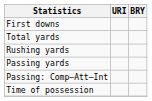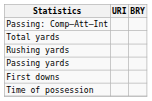 <table class="wikitable" style="float: left;">
 <tr>
 <th>Statistics</th>
 <th>URI</th>
 <th>BRY</th>
 </tr>
 <tr>
-<td>First downs</td>
+<td>Passing: Comp–Att–Int</td>
 <td></td>
 <td></td>
 </tr>
 <tr>
 <td>Total yards</td>
 <td></td>
 <td></td>
 </tr>
 <tr>
 <td>Rushing yards</td>
 <td></td>
 <td></td>
 </tr>
 <tr>
 <td>Passing yards</td>
 <td></td>
 <td></td>
 </tr>
 <tr>
-<td>Passing: Comp–Att–Int</td>
+<td>First downs</td>
 <td></td>
 <td></td>
 </tr>
 <tr>
 <td>Time of possession</td>
 <td></td>
 <td></td>
 </tr>
 <tr>
 </tr>
 </table>
